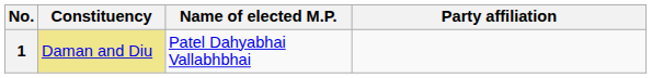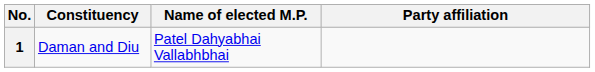 <table class="wikitable">
 <tr style="background:#ccc; text-align:center;">
 <th>No.</th>
 <th style="width:120px">Constituency</th>
 <th style="width:180px">Name of elected M.P.</th>
 <th colspan="2" style="width:18em">Party affiliation</th>
 </tr>
 <tr>
 <th>1</th>
-<td style="background: khaki;"><a href='#'>Daman and Diu</a></td>
+<td><a href='#'>Daman and Diu</a></td>
 <td><a href='#'>Patel Dahyabhai Vallabhbhai</a></td>
 <td></td>
 </tr>
 </table>
